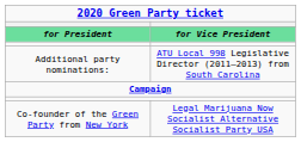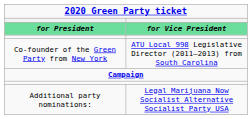 <table class="wikitable" style="font-size:90%; text-align:center;">
 <tr>
 <td colspan=2><big><strong><a href='#'>2020 Green Party ticket</a></strong></big></td>
 </tr>
 <tr>
 <th style="font-size:135%; background:"></th>
 <th style="font-size:135%; background:"></th>
 </tr>
 <tr style="color:#000; font-size:100%; background:#6BDE9D">
 <td><strong><em>for President</em></strong></td>
 <td><strong><em>for Vice President</em></strong></td>
 </tr>
 <tr>
 <td></td>
 <td></td>
 </tr>
 <tr>
-<td>Additional party nominations:</td>
+<td style=width:16em>Co-founder of the <a href='#'>Green Party</a> from <a href='#'>New York</a></td>
 <td style=width:16em><a href='#'>ATU Local 998</a> Legislative Director (2011–2013) from <a href='#'>South Carolina</a></td>
 </tr>
 <tr>
 <td colspan=2><a href='#'><strong>Campaign</strong></a></td>
 </tr>
 <tr>
 <td colspan=2></td>
 </tr>
 <tr>
-<td style=width:16em>Co-founder of the <a href='#'>Green Party</a> from <a href='#'>New York</a></td>
+<td>Additional party nominations:</td>
 <td><a href='#'>Legal Marijuana Now</a><br><a href='#'>Socialist Alternative</a><br><a href='#'>Socialist Party USA</a></td>
 </tr>
 </table>
